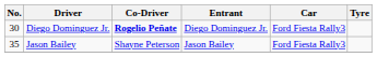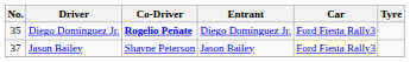 <table class="wikitable" style="font-size: 85%;">
 <tr>
 <th>No.</th>
 <th>Driver</th>
 <th>Co-Driver</th>
 <th>Entrant</th>
 <th>Car</th>
 <th>Tyre</th>
 </tr>
 <tr>
-<td align="center">30</td>
+<td align="center">35</td>
 <td> <a href='#'>Diego Dominguez Jr.</a></td>
 <td><strong> <a href='#'>Rogelio Peñate</a></strong></td>
 <td> <a href='#'>Diego Dominguez Jr.</a></td>
 <td><a href='#'>Ford Fiesta Rally3</a></td>
 <td align="center"></td>
 </tr>
 <tr>
-<td align="center">35</td>
+<td align="center">37</td>
 <td> <a href='#'>Jason Bailey</a></td>
 <td> <a href='#'>Shayne Peterson</a></td>
 <td> <a href='#'>Jason Bailey</a></td>
-<td><a href='#'>Ford Fiesta Rally3</a></td>
+<td style="background: lightyellow;"><a href='#'>Ford Fiesta Rally3</a></td>
 <td align="center"></td>
 </tr>
 <tr>
 </tr>
 </table>
